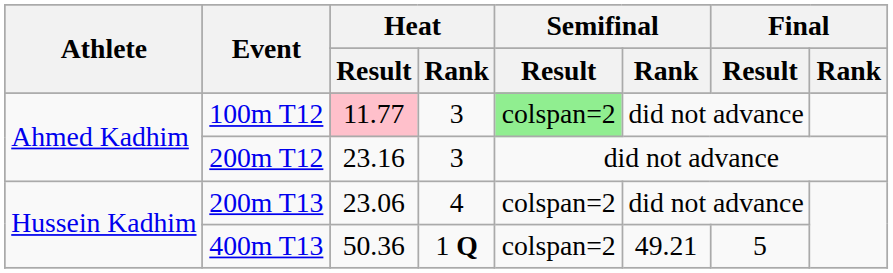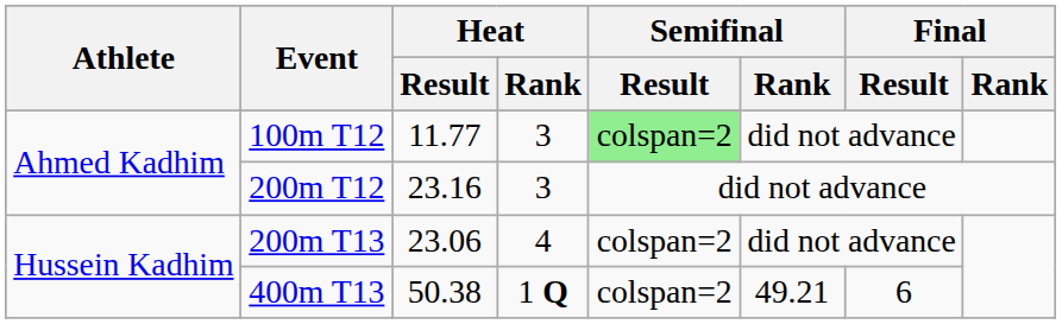 <table class="wikitable">
 <tr>
 <th rowspan="2">Athlete</th>
 <th rowspan="2">Event</th>
 <th colspan="2">Heat</th>
 <th colspan="2">Semifinal</th>
 <th colspan="2">Final</th>
 </tr>
 <tr>
 <th>Result</th>
 <th>Rank</th>
 <th>Result</th>
 <th>Rank</th>
 <th>Result</th>
 <th>Rank</th>
 </tr>
 <tr align=center>
 <td align=left rowspan=2><a href='#'>Ahmed Kadhim</a></td>
 <td align=left><a href='#'>100m T12</a></td>
-<td style="background: pink;">11.77</td>
+<td>11.77</td>
 <td>3</td>
 <td style="background: lightgreen;">colspan=2 </td>
 <td colspan=2>did not advance</td>
 </tr>
 <tr align=center>
 <td align=left><a href='#'>200m T12</a></td>
 <td>23.16</td>
 <td>3</td>
 <td colspan=4>did not advance</td>
 </tr>
 <tr align=center>
 <td align=left rowspan=2><a href='#'>Hussein Kadhim</a></td>
 <td align=left><a href='#'>200m T13</a></td>
 <td>23.06</td>
 <td>4</td>
 <td>colspan=2 </td>
 <td colspan=2>did not advance</td>
 </tr>
 <tr align=center>
 <td align=left><a href='#'>400m T13</a></td>
-<td>50.36</td>
+<td>50.38</td>
 <td>1 <strong>Q</strong></td>
 <td>colspan=2 </td>
 <td>49.21</td>
-<td>5</td>
+<td>6</td>
 </tr>
 </table>
